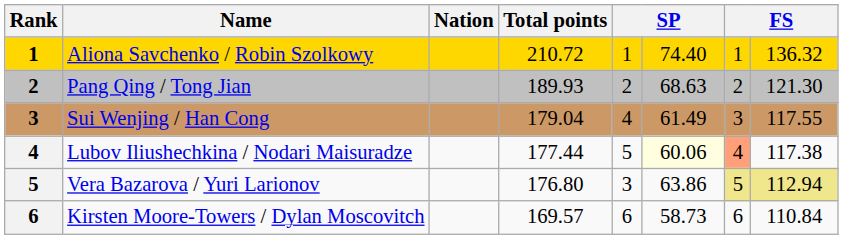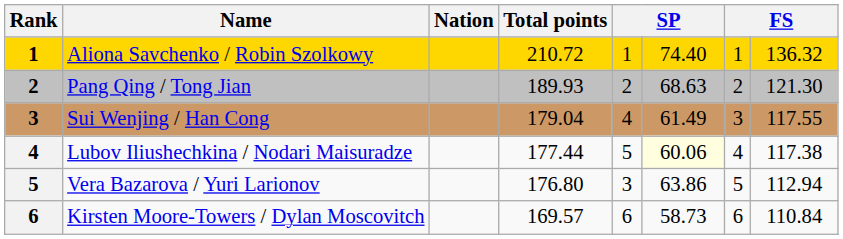 <table class="wikitable sortable">
 <tr>
 <th>Rank</th>
 <th>Name</th>
 <th>Nation</th>
 <th>Total points</th>
 <th colspan="2" width="80px"><a href='#'>SP</a></th>
 <th colspan="2" width="80px"><a href='#'>FS</a></th>
 </tr>
 <tr bgcolor="gold">
 <td align="center"><strong>1</strong></td>
 <td><a href='#'>Aliona Savchenko</a> / <a href='#'>Robin Szolkowy</a></td>
 <td></td>
 <td align="center">210.72</td>
 <td align="center">1</td>
 <td align="center">74.40</td>
 <td align="center">1</td>
 <td align="center">136.32</td>
 </tr>
 <tr bgcolor="silver">
 <td align="center"><strong>2</strong></td>
 <td><a href='#'>Pang Qing</a> / <a href='#'>Tong Jian</a></td>
 <td></td>
 <td align="center">189.93</td>
 <td align="center">2</td>
 <td align="center">68.63</td>
 <td align="center">2</td>
 <td align="center">121.30</td>
 </tr>
 <tr bgcolor="cc9966">
 <td align="center"><strong>3</strong></td>
 <td><a href='#'>Sui Wenjing</a> / <a href='#'>Han Cong</a></td>
 <td></td>
 <td align="center">179.04</td>
 <td align="center">4</td>
 <td align="center">61.49</td>
 <td align="center">3</td>
 <td align="center">117.55</td>
 </tr>
 <tr>
 <th>4</th>
 <td><a href='#'>Lubov Iliushechkina</a> / <a href='#'>Nodari Maisuradze</a></td>
 <td></td>
 <td align="center">177.44</td>
 <td align="center">5</td>
 <td align="center" style="background: lightyellow;">60.06</td>
-<td align="center" style="background: lightsalmon;">4</td>
+<td align="center">4</td>
 <td align="center">117.38</td>
 </tr>
 <tr>
 <th>5</th>
 <td><a href='#'>Vera Bazarova</a> / <a href='#'>Yuri Larionov</a></td>
 <td></td>
 <td align="center">176.80</td>
 <td align="center">3</td>
 <td align="center">63.86</td>
-<td align="center" style="background: khaki;">5</td>
-<td align="center" style="background: khaki;">112.94</td>
+<td align="center">5</td>
+<td align="center">112.94</td>
 </tr>
 <tr>
 <th>6</th>
 <td><a href='#'>Kirsten Moore-Towers</a> / <a href='#'>Dylan Moscovitch</a></td>
 <td></td>
 <td align="center">169.57</td>
 <td align="center">6</td>
 <td align="center">58.73</td>
 <td align="center">6</td>
 <td align="center">110.84</td>
 </tr>
 </table>
